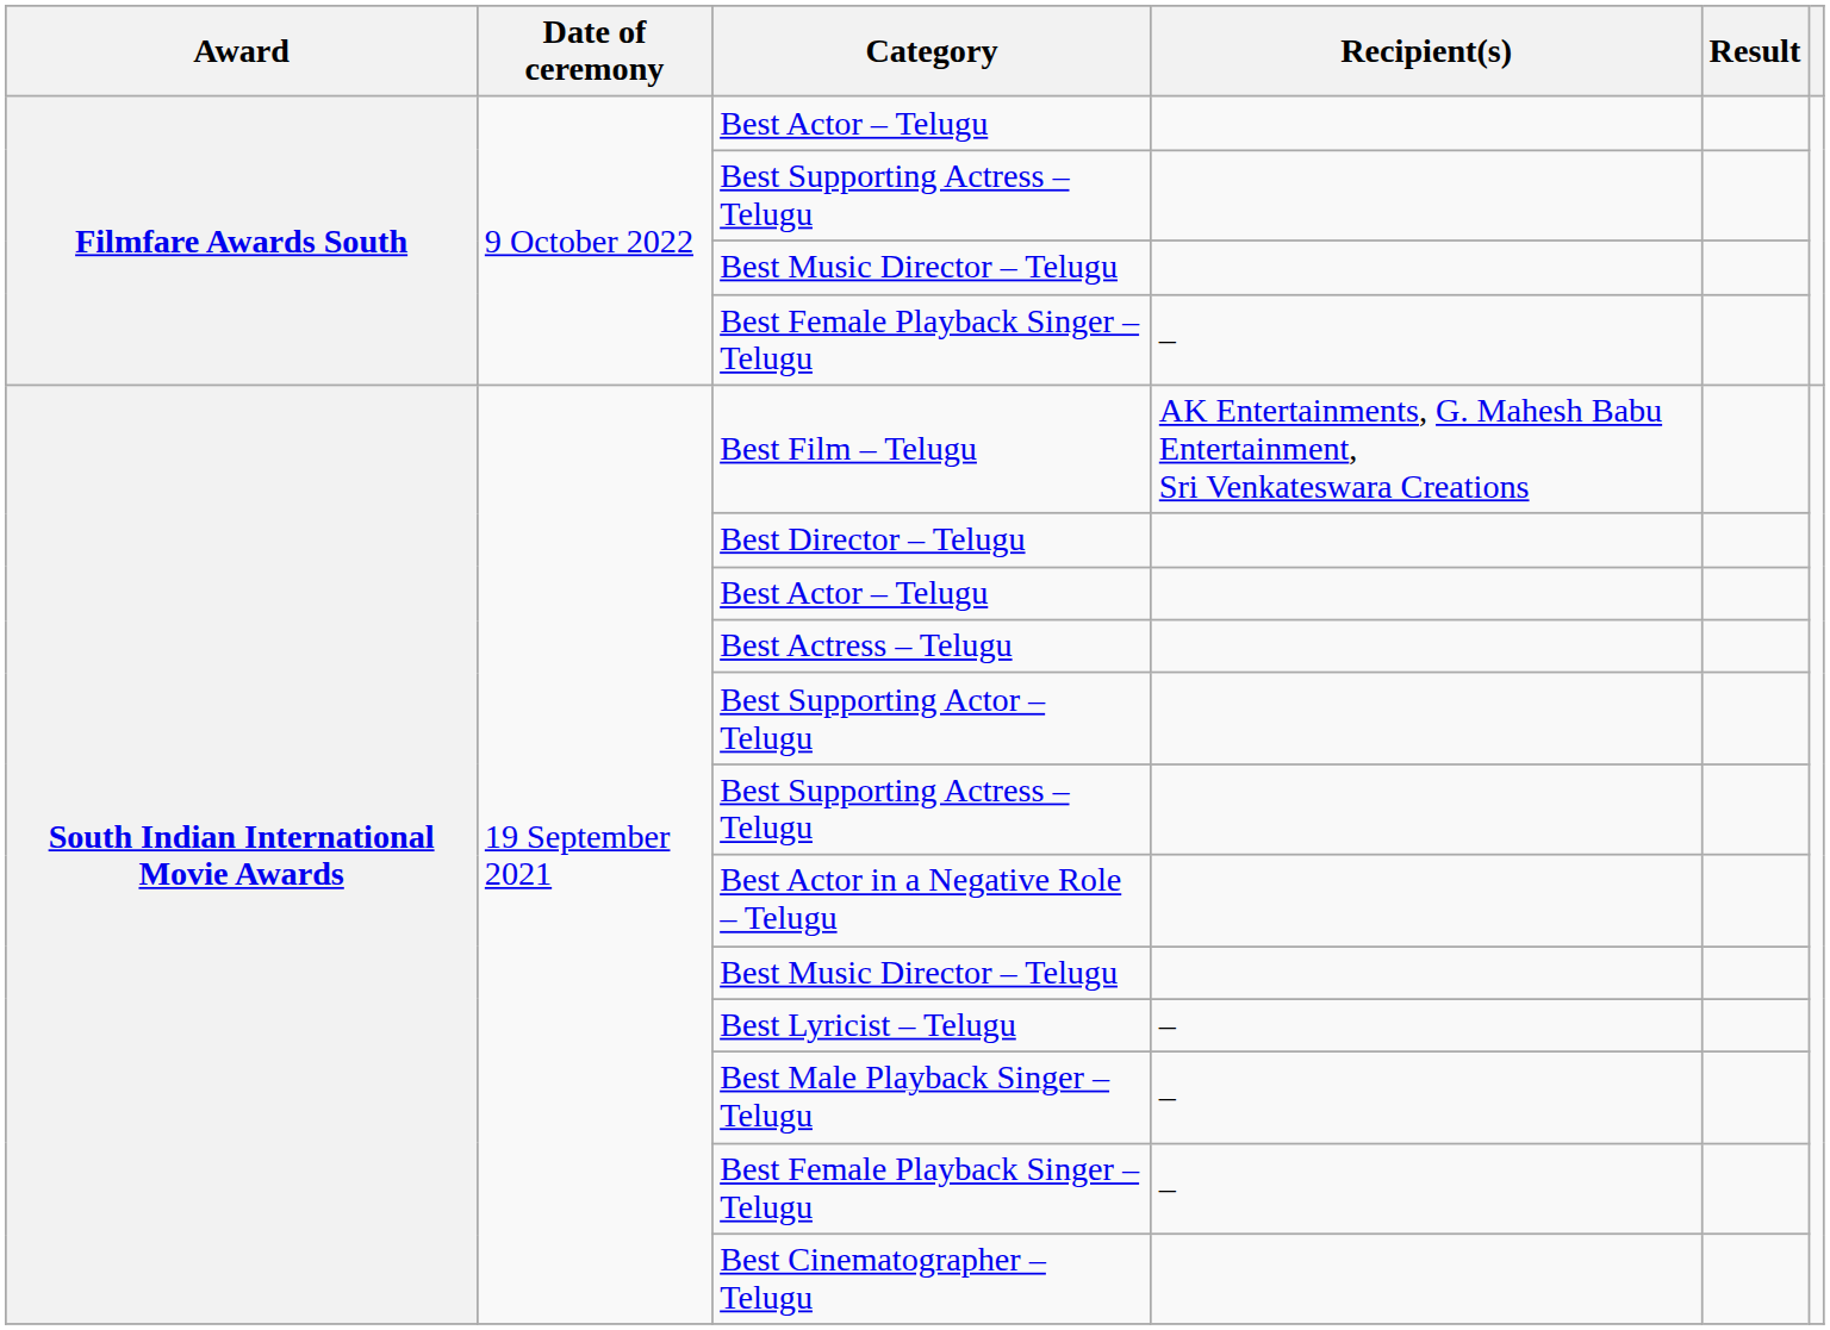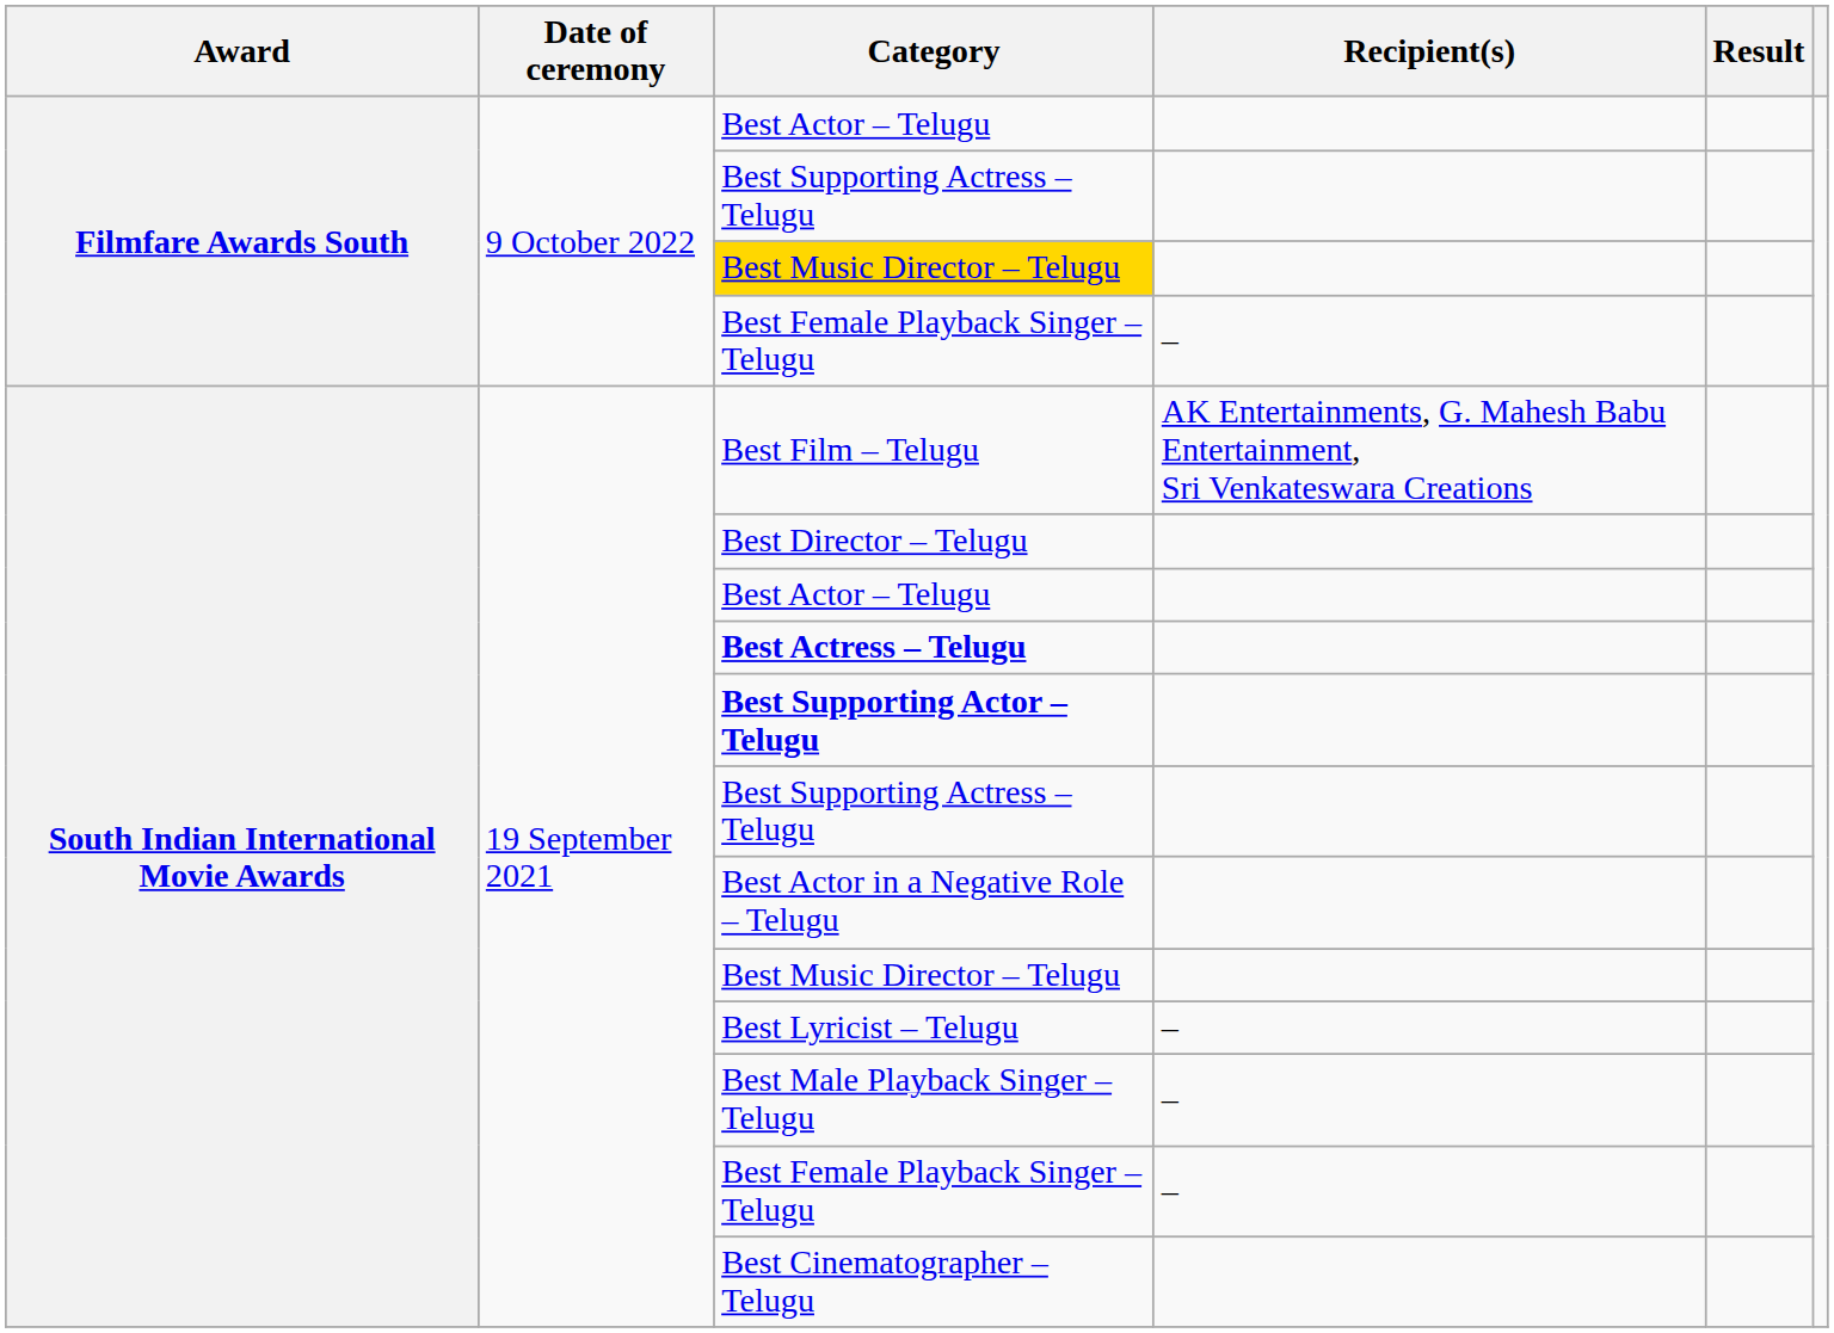 <table class="wikitable plainrowheaders sortable">
 <tr>
 <th scope="col">Award</th>
 <th scope="col">Date of ceremony</th>
 <th scope="col">Category</th>
 <th scope="col">Recipient(s)</th>
 <th scope="col">Result</th>
 <th scope="col" class="unsortable"></th>
 </tr>
 <tr>
 <th scope="row" rowspan="4"><a href='#'>Filmfare Awards South</a></th>
 <td rowspan="4"><a href='#'>9 October 2022</a></td>
 <td><a href='#'>Best Actor – Telugu</a></td>
 <td></td>
 <td></td>
 <td style="text-align:center;" rowspan="4"></td>
 </tr>
 <tr>
 <td><a href='#'>Best Supporting Actress – Telugu</a></td>
 <td></td>
 <td></td>
 </tr>
 <tr>
-<td><a href='#'>Best Music Director – Telugu</a></td>
+<td style="background: gold;"><a href='#'>Best Music Director – Telugu</a></td>
 <td></td>
 <td></td>
 </tr>
 <tr>
 <td><a href='#'>Best Female Playback Singer – Telugu</a></td>
 <td> – </td>
 <td></td>
 </tr>
 <tr>
 <th scope="row" rowspan="12"><a href='#'>South Indian International Movie Awards</a></th>
 <td rowspan="12"><a href='#'>19 September 2021</a></td>
 <td><a href='#'>Best Film – Telugu</a></td>
 <td><a href='#'>AK Entertainments</a>, <a href='#'>G. Mahesh Babu Entertainment</a>,<br><a href='#'>Sri Venkateswara Creations</a></td>
 <td></td>
 <td style="text-align:center;" rowspan="12"><br></td>
 </tr>
 <tr>
 <td><a href='#'>Best Director – Telugu</a></td>
 <td></td>
 <td></td>
 </tr>
 <tr>
 <td><a href='#'>Best Actor – Telugu</a></td>
 <td></td>
 <td></td>
 </tr>
 <tr>
-<td><a href='#'>Best Actress – Telugu</a></td>
+<td><strong><a href='#'>Best Actress – Telugu</a></strong></td>
 <td></td>
 <td></td>
 </tr>
 <tr>
-<td><a href='#'>Best Supporting Actor – Telugu</a></td>
+<td><strong><a href='#'>Best Supporting Actor – Telugu</a></strong></td>
 <td></td>
 <td></td>
 </tr>
 <tr>
 <td><a href='#'>Best Supporting Actress – Telugu</a></td>
 <td></td>
 <td></td>
 </tr>
 <tr>
 <td><a href='#'>Best Actor in a Negative Role – Telugu</a></td>
 <td></td>
 <td></td>
 </tr>
 <tr>
 <td><a href='#'>Best Music Director – Telugu</a></td>
 <td></td>
 <td></td>
 </tr>
 <tr>
 <td><a href='#'>Best Lyricist – Telugu</a></td>
 <td> – </td>
 <td></td>
 </tr>
 <tr>
 <td><a href='#'>Best Male Playback Singer – Telugu</a></td>
 <td> – </td>
 <td></td>
 </tr>
 <tr>
 <td><a href='#'>Best Female Playback Singer – Telugu</a></td>
 <td> – </td>
 <td></td>
 </tr>
 <tr>
 <td><a href='#'>Best Cinematographer – Telugu</a></td>
 <td></td>
 <td></td>
 </tr>
 </table>
